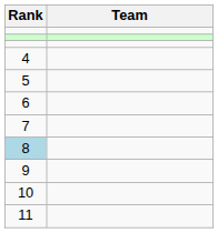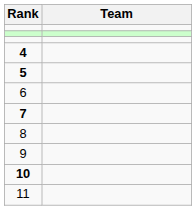 <table class=wikitable style="text-align:center;">
 <tr>
 <th>Rank</th>
 <th width=180>Team</th>
 </tr>
 <tr>
 <td></td>
 <td align=left></td>
 </tr>
 <tr bgcolor=#CCFFCC>
 <td></td>
 <td align=left></td>
 </tr>
 <tr>
 <td></td>
 <td align=left></td>
 </tr>
 <tr>
-<td>4</td>
+<td><strong>4</strong></td>
 <td align=left></td>
 </tr>
 <tr>
-<td>5</td>
+<td><strong>5</strong></td>
 <td align=left></td>
 </tr>
 <tr>
 <td>6</td>
 <td align=left></td>
 </tr>
 <tr>
-<td>7</td>
+<td><strong>7</strong></td>
 <td align=left></td>
 </tr>
 <tr>
-<td style="background: lightblue;">8</td>
+<td>8</td>
 <td align=left></td>
 </tr>
 <tr>
 <td>9</td>
 <td align=left></td>
 </tr>
 <tr>
-<td>10</td>
+<td><strong>10</strong></td>
 <td align=left></td>
 </tr>
 <tr>
 <td>11</td>
 <td align=left></td>
 </tr>
 </table>
